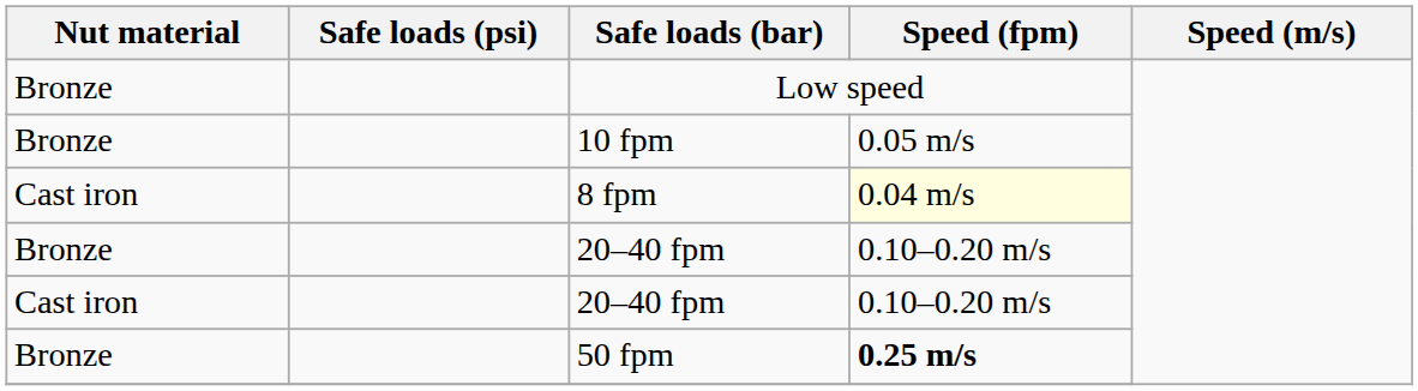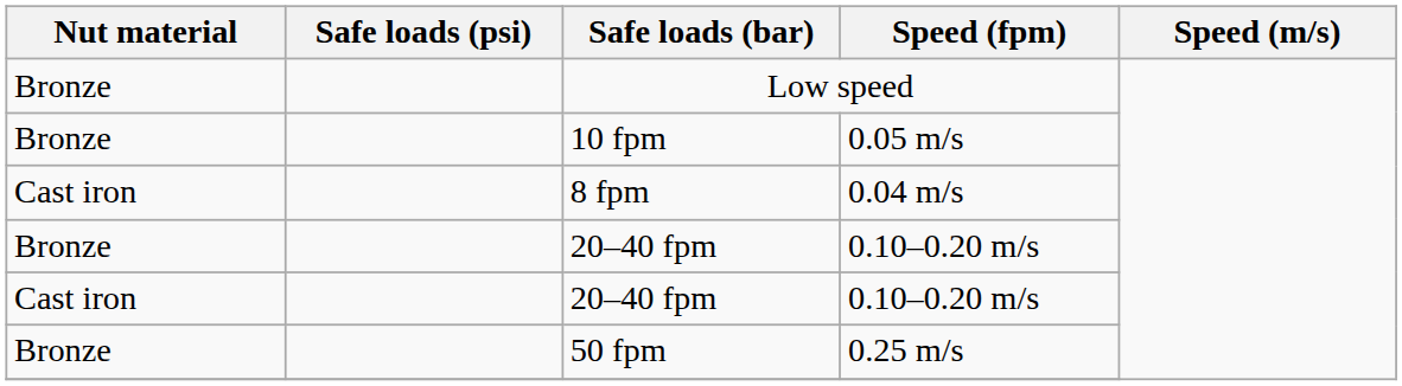 <table class="wikitable" border="1" align="right">
 <tr>
 <th width="125px">Nut material</th>
 <th width="125px">Safe loads (psi)</th>
 <th width="125px">Safe loads (bar)</th>
 <th width="125px">Speed (fpm)</th>
 <th width="125px">Speed (m/s)</th>
 </tr>
 <tr>
 <td>Bronze</td>
 <td></td>
 <td colspan="2" style="text-align: center;">Low speed</td>
 </tr>
 <tr>
 <td>Bronze</td>
 <td></td>
 <td>10 fpm</td>
 <td>0.05 m/s</td>
 </tr>
 <tr>
 <td>Cast iron</td>
 <td></td>
 <td>8 fpm</td>
-<td style="background: lightyellow;">0.04 m/s</td>
+<td>0.04 m/s</td>
 </tr>
 <tr>
 <td>Bronze</td>
 <td></td>
 <td>20–40 fpm</td>
 <td>0.10–0.20 m/s</td>
 </tr>
 <tr>
 <td>Cast iron</td>
 <td></td>
 <td>20–40 fpm</td>
 <td>0.10–0.20 m/s</td>
 </tr>
 <tr>
 <td>Bronze</td>
 <td></td>
 <td>50 fpm</td>
-<td><strong>0.25 m/s</strong></td>
+<td>0.25 m/s</td>
 </tr>
 <tr>
 </tr>
 </table>
